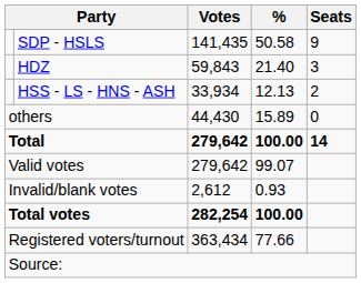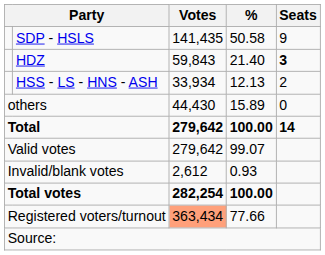 <table class="wikitable" style="text-align: left;">
 <tr>
 <th colspan="2">Party</th>
 <th>Votes</th>
 <th>%</th>
 <th>Seats</th>
 </tr>
 <tr>
 <td width="2" style="background-color: "></td>
 <td><a href='#'>SDP</a> - <a href='#'>HSLS</a></td>
 <td>141,435</td>
 <td>50.58</td>
 <td>9</td>
 </tr>
 <tr>
 <td style="background-color: "></td>
 <td><a href='#'>HDZ</a></td>
 <td>59,843</td>
 <td>21.40</td>
-<td>3</td>
+<td><strong>3</strong></td>
 </tr>
 <tr>
 <td style="background-color: "></td>
 <td><a href='#'>HSS</a> - <a href='#'>LS</a> - <a href='#'>HNS</a> - <a href='#'>ASH</a></td>
 <td>33,934</td>
 <td>12.13</td>
 <td>2</td>
 </tr>
 <tr>
 <td colspan="2">others</td>
 <td>44,430</td>
 <td>15.89</td>
 <td>0</td>
 </tr>
 <tr>
 <td colspan="2"><strong>Total</strong></td>
 <td><strong>279,642</strong></td>
 <td><strong>100.00</strong></td>
 <td><strong>14</strong></td>
 </tr>
 <tr>
 <td colspan="2">Valid votes</td>
 <td>279,642</td>
 <td>99.07</td>
 <td></td>
 </tr>
 <tr>
 <td colspan="2">Invalid/blank votes</td>
 <td>2,612</td>
 <td>0.93</td>
 <td></td>
 </tr>
 <tr>
 <td colspan="2"><strong>Total votes</strong></td>
 <td><strong>282,254</strong></td>
 <td><strong>100.00</strong></td>
 <td></td>
 </tr>
 <tr>
 <td colspan="2">Registered voters/turnout</td>
-<td votes14="5343">363,434</td>
+<td votes14="5343" style="background: lightsalmon;">363,434</td>
 <td>77.66</td>
 <td></td>
 </tr>
 <tr>
 <td colspan="5">Source: </td>
 </tr>
 </table>
